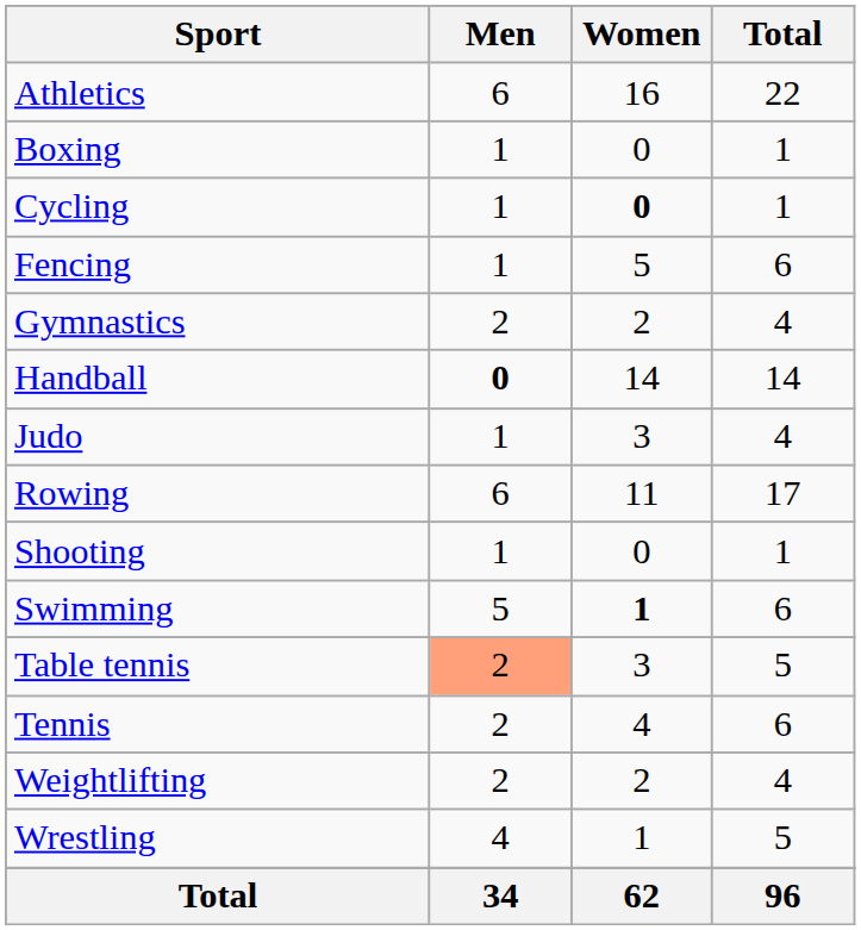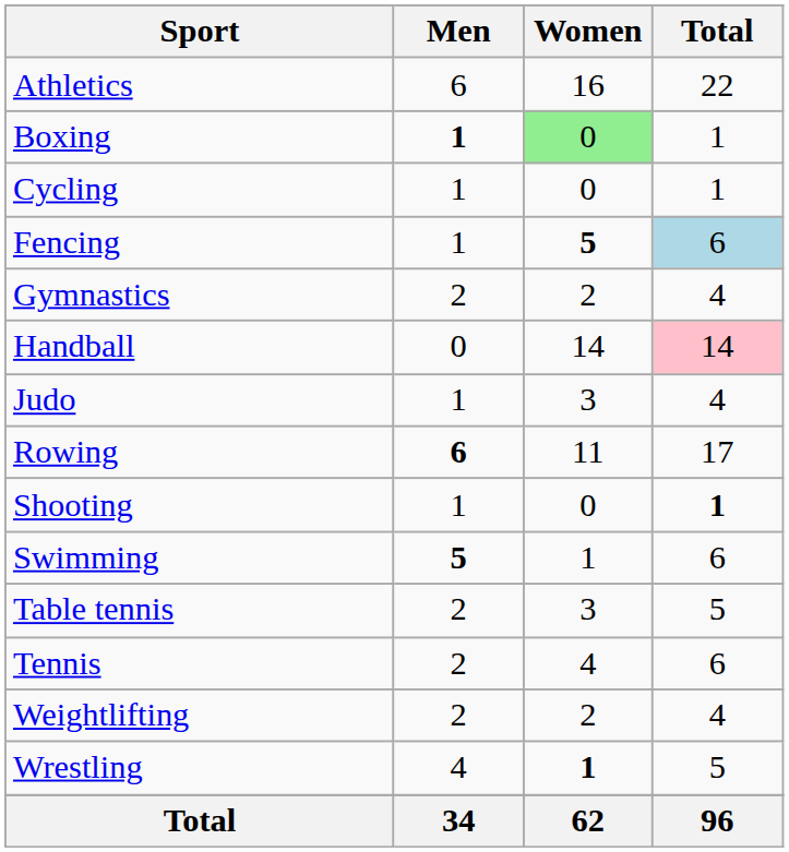 <table class="wikitable sortable" style="text-align:center;">
 <tr>
 <th width=180>Sport</th>
 <th width=55>Men</th>
 <th width=55>Women</th>
 <th width=55>Total</th>
 </tr>
 <tr>
 <td align=left><a href='#'>Athletics</a></td>
 <td>6</td>
 <td>16</td>
 <td>22</td>
 </tr>
 <tr>
 <td align=left><a href='#'>Boxing</a></td>
+<td><strong>1</strong></td>
+<td style="background: lightgreen;">0</td>
+<td>1</td>
+</tr>
+<tr>
+<td align=left><a href='#'>Cycling</a></td>
 <td>1</td>
 <td>0</td>
 <td>1</td>
 </tr>
 <tr>
-<td align=left><a href='#'>Cycling</a></td>
-<td>1</td>
-<td><strong>0</strong></td>
-<td>1</td>
-</tr>
-<tr>
 <td align=left><a href='#'>Fencing</a></td>
 <td>1</td>
-<td>5</td>
-<td>6</td>
+<td><strong>5</strong></td>
+<td style="background: lightblue;">6</td>
 </tr>
 <tr>
 <td align=left><a href='#'>Gymnastics</a></td>
 <td>2</td>
 <td>2</td>
 <td>4</td>
 </tr>
 <tr>
 <td align=left><a href='#'>Handball</a></td>
-<td><strong>0</strong></td>
+<td>0</td>
 <td>14</td>
-<td>14</td>
+<td style="background: pink;">14</td>
 </tr>
 <tr>
 <td align=left><a href='#'>Judo</a></td>
 <td>1</td>
 <td>3</td>
 <td>4</td>
 </tr>
 <tr>
 <td align=left><a href='#'>Rowing</a></td>
-<td>6</td>
+<td><strong>6</strong></td>
 <td>11</td>
 <td>17</td>
 </tr>
 <tr>
 <td align=left><a href='#'>Shooting</a></td>
 <td>1</td>
 <td>0</td>
-<td>1</td>
+<td><strong>1</strong></td>
 </tr>
 <tr>
 <td align=left><a href='#'>Swimming</a></td>
-<td>5</td>
-<td><strong>1</strong></td>
+<td><strong>5</strong></td>
+<td>1</td>
 <td>6</td>
 </tr>
 <tr>
 <td align=left><a href='#'>Table tennis</a></td>
-<td style="background: lightsalmon;">2</td>
+<td>2</td>
 <td>3</td>
 <td>5</td>
 </tr>
 <tr>
 <td align=left><a href='#'>Tennis</a></td>
 <td>2</td>
 <td>4</td>
 <td>6</td>
 </tr>
 <tr>
 <td align=left><a href='#'>Weightlifting</a></td>
 <td>2</td>
 <td>2</td>
 <td>4</td>
 </tr>
 <tr>
 <td align=left><a href='#'>Wrestling</a></td>
 <td>4</td>
-<td>1</td>
+<td><strong>1</strong></td>
 <td>5</td>
 </tr>
 <tr>
 </tr>
 <tr class="sortbottom">
 <th>Total</th>
 <th>34</th>
 <th>62</th>
 <th>96</th>
 </tr>
 </table>
